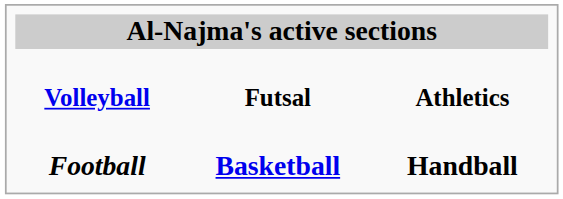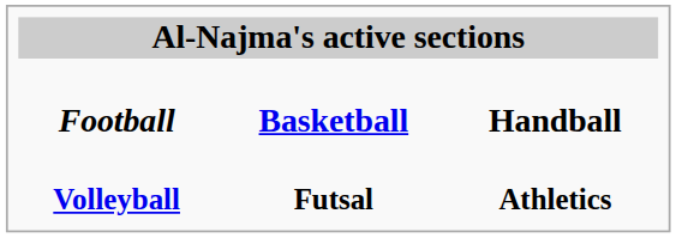 <table class="infobox" style="width: 20em; font-size: 95%em;align: center">
 <tr bgcolor="#cccccc" style="text-align: center">
 <th colspan="3">Al-Najma's active sections</th>
+</tr>
+<tr style="text-align: center">
+<td><br><strong><em>Football</em></strong></td>
+<td><br><strong><a href='#'>Basketball</a></strong></td>
+<td><br><strong>Handball</strong></td>
 </tr>
 <tr style="font-size: 90%; text-align: center">
 <td><br><strong><a href='#'>Volleyball</a></strong></td>
 <td><br><strong>Futsal</strong></td>
 <td><br><strong>Athletics</strong></td>
 </tr>
-<tr style="text-align: center">
-<td><br><strong><em>Football</em></strong></td>
-<td><br><strong><a href='#'>Basketball</a></strong></td>
-<td><br><strong>Handball</strong></td>
-</tr>
 </table>
